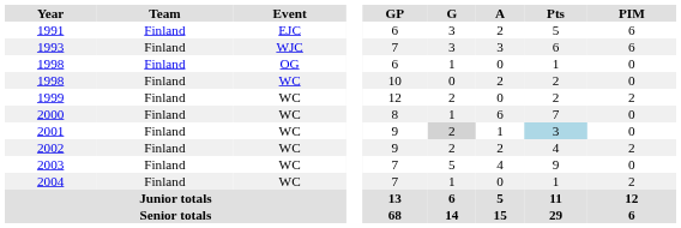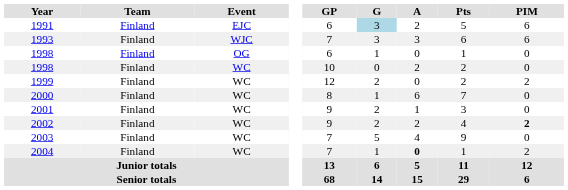 <table border="0" cellpadding="1" cellspacing="0" style="text-align:center; width:50em">
 <tr ALIGN="center" bgcolor="#e0e0e0">
 <th>Year</th>
 <th>Team</th>
 <th>Event</th>
 <th rowspan="99" bgcolor="#ffffff"> </th>
 <th>GP</th>
 <th>G</th>
 <th>A</th>
 <th>Pts</th>
 <th>PIM</th>
 </tr>
 <tr>
 <td><a href='#'>1991</a></td>
 <td><a href='#'>Finland</a></td>
 <td><a href='#'>EJC</a></td>
 <td>6</td>
-<td>3</td>
+<td style="background: lightblue;">3</td>
 <td>2</td>
 <td>5</td>
 <td>6</td>
 </tr>
 <tr bgcolor="#f0f0f0">
 <td><a href='#'>1993</a></td>
 <td>Finland</td>
 <td><a href='#'>WJC</a></td>
 <td>7</td>
 <td>3</td>
 <td>3</td>
 <td>6</td>
 <td>6</td>
 </tr>
 <tr>
 <td><a href='#'>1998</a></td>
 <td><a href='#'>Finland</a></td>
 <td><a href='#'>OG</a></td>
 <td>6</td>
 <td>1</td>
 <td>0</td>
 <td>1</td>
 <td>0</td>
 </tr>
 <tr bgcolor="#f0f0f0">
 <td><a href='#'>1998</a></td>
 <td>Finland</td>
 <td><a href='#'>WC</a></td>
 <td>10</td>
 <td>0</td>
 <td>2</td>
 <td>2</td>
 <td>0</td>
 </tr>
 <tr>
 <td><a href='#'>1999</a></td>
 <td>Finland</td>
 <td>WC</td>
 <td>12</td>
 <td>2</td>
 <td>0</td>
 <td>2</td>
 <td>2</td>
 </tr>
 <tr bgcolor="#f0f0f0">
 <td><a href='#'>2000</a></td>
 <td>Finland</td>
 <td>WC</td>
 <td>8</td>
 <td>1</td>
 <td>6</td>
 <td>7</td>
 <td>0</td>
 </tr>
 <tr>
 <td><a href='#'>2001</a></td>
 <td>Finland</td>
 <td>WC</td>
 <td>9</td>
-<td style="background: lightgrey;">2</td>
+<td>2</td>
 <td>1</td>
-<td style="background: lightblue;">3</td>
+<td>3</td>
 <td>0</td>
 </tr>
 <tr bgcolor="#f0f0f0">
 <td><a href='#'>2002</a></td>
 <td>Finland</td>
 <td>WC</td>
 <td>9</td>
 <td>2</td>
 <td>2</td>
 <td>4</td>
-<td>2</td>
+<td><strong>2</strong></td>
 </tr>
 <tr>
 <td><a href='#'>2003</a></td>
 <td>Finland</td>
 <td>WC</td>
 <td>7</td>
 <td>5</td>
 <td>4</td>
 <td>9</td>
 <td>0</td>
 </tr>
 <tr bgcolor="#f0f0f0">
 <td><a href='#'>2004</a></td>
 <td>Finland</td>
 <td>WC</td>
 <td>7</td>
 <td>1</td>
-<td>0</td>
+<td><strong>0</strong></td>
 <td>1</td>
 <td>2</td>
 </tr>
 <tr bgcolor="#e0e0e0">
 <th colspan=3>Junior totals</th>
 <th>13</th>
 <th>6</th>
 <th>5</th>
 <th>11</th>
 <th>12</th>
 </tr>
 <tr bgcolor="#e0e0e0">
 <th colspan=3>Senior totals</th>
 <th>68</th>
 <th>14</th>
 <th>15</th>
 <th>29</th>
 <th>6</th>
 </tr>
 </table>
